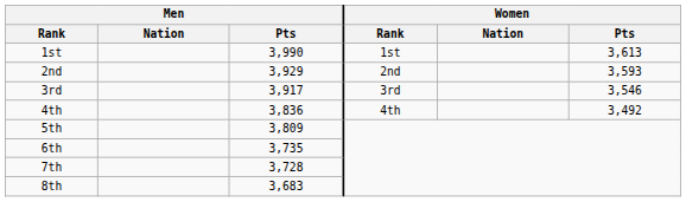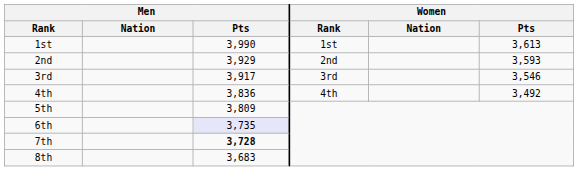 <table class="wikitable" width=55% style="font-size:90%; text-align:center;">
 <tr>
 <th colspan=3 style="border-right: 2px solid black;">Men</th>
 <th colspan=3>Women</th>
 </tr>
 <tr>
 <th>Rank</th>
 <th>Nation</th>
 <th style="border-right: 2px solid black;">Pts</th>
 <th>Rank</th>
 <th>Nation</th>
 <th>Pts</th>
 </tr>
 <tr>
 <td>1st</td>
 <td align=left></td>
 <td>3,990</td>
 <td style="border-left: 2px solid black;">1st</td>
 <td align=left></td>
 <td>3,613</td>
 </tr>
 <tr>
 <td>2nd</td>
 <td align=left></td>
 <td>3,929</td>
 <td style="border-left: 2px solid black;">2nd</td>
 <td align=left></td>
 <td>3,593</td>
 </tr>
 <tr>
 <td>3rd</td>
 <td align=left></td>
 <td>3,917</td>
 <td style="border-left: 2px solid black;">3rd</td>
 <td align=left></td>
 <td>3,546</td>
 </tr>
 <tr>
 <td>4th</td>
 <td align=left></td>
 <td>3,836</td>
 <td style="border-left: 2px solid black;">4th</td>
 <td align=left></td>
 <td>3,492</td>
 </tr>
 <tr>
 <td>5th</td>
 <td align=left></td>
 <td style="border-right: 2px solid black;">3,809</td>
 </tr>
 <tr>
 <td>6th</td>
 <td align=left></td>
-<td style="border-right: 2px solid black;">3,735</td>
+<td style="background: lavender; border-right: 2px solid black;">3,735</td>
 </tr>
 <tr>
 <td>7th</td>
 <td align=left></td>
-<td style="border-right: 2px solid black;">3,728</td>
+<td style="border-right: 2px solid black;"><strong>3,728</strong></td>
 </tr>
 <tr>
 <td>8th</td>
 <td align=left></td>
 <td style="border-right: 2px solid black;">3,683</td>
 </tr>
 </table>
